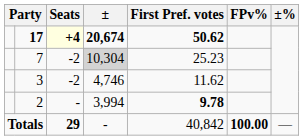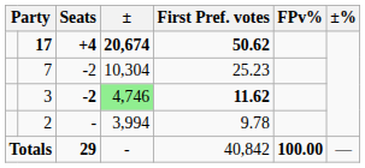 <table class=wikitable>
 <tr>
 <th colspan=2 align=center>Party</th>
 <th valign=top>Seats</th>
 <th valign=top>±</th>
 <th valign=top>First Pref. votes</th>
 <th valign=top>FPv%</th>
 <th valign=top>±%</th>
 </tr>
 <tr>
 <td></td>
 <td align=right><strong>17</strong></td>
-<td align=right style="background: lightyellow;"><strong>+4</strong></td>
+<td align=right><strong>+4</strong></td>
 <td align=right><strong>20,674</strong></td>
 <td align=right><strong>50.62</strong></td>
 <td align=right></td>
 </tr>
 <tr>
 <td></td>
 <td align=right>7</td>
 <td align=right>-2</td>
-<td align=right style="background: lightgrey;">10,304</td>
+<td align=right>10,304</td>
 <td align=right>25.23</td>
 <td align=right></td>
 </tr>
 <tr>
 <td></td>
 <td align=right>3</td>
-<td align=right>-2</td>
-<td align=right>4,746</td>
-<td align=right>11.62</td>
+<td align=right><strong>-2</strong></td>
+<td align=right style="background: lightgreen;">4,746</td>
+<td align=right><strong>11.62</strong></td>
 <td align=right></td>
 </tr>
 <tr>
 <td></td>
 <td align=right>2</td>
 <td align=right>-</td>
 <td align=right>3,994</td>
-<td align=right><strong>9.78</strong></td>
+<td align=right>9.78</td>
 <td align=right></td>
 </tr>
 <tr>
 <td colspan=2 align=center><strong>Totals</strong></td>
 <td align=right><strong>29</strong></td>
 <td align=center>-</td>
 <td align=right>40,842</td>
 <td align=center><strong>100.00</strong></td>
 <td align=center>—</td>
 </tr>
 </table>
